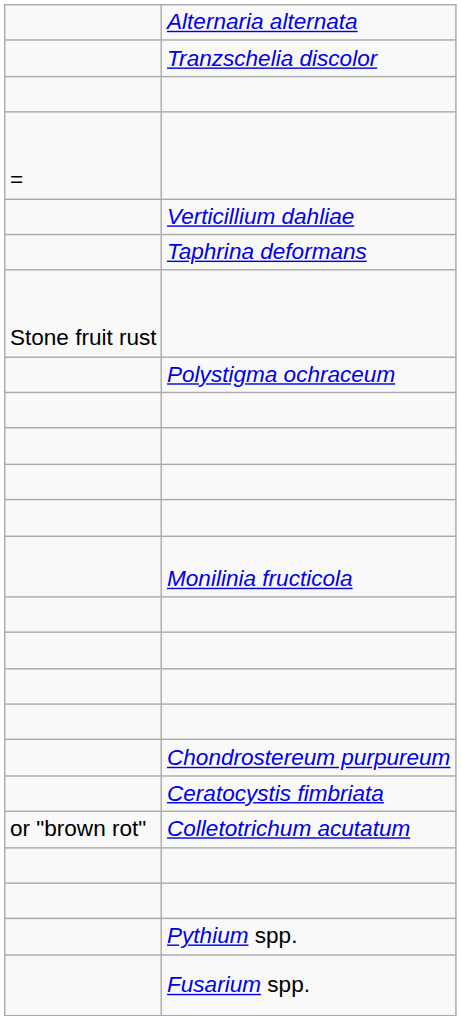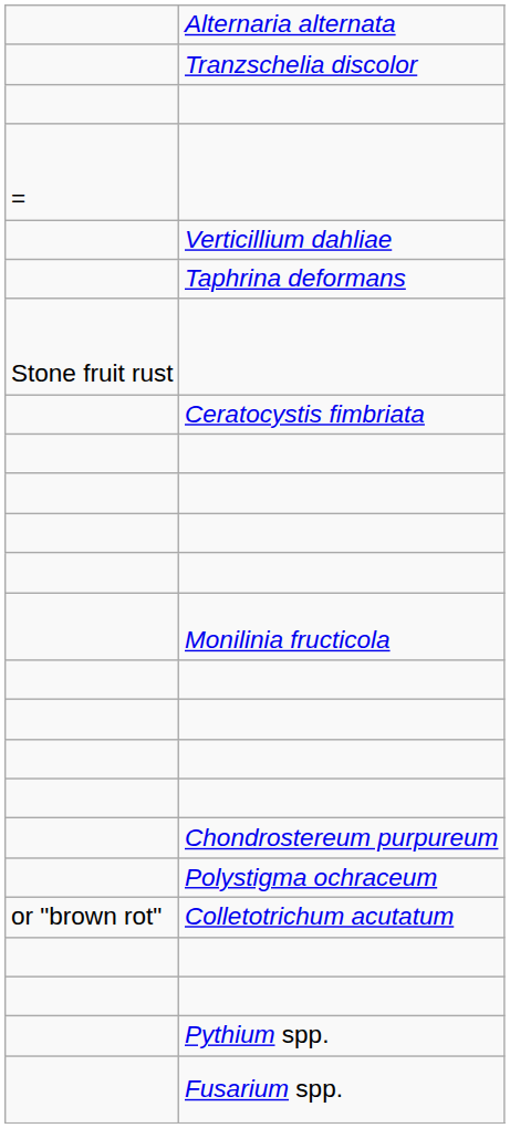 <table class="wikitable" style="clear">
 <tr>
 <td></td>
 <td><em><a href='#'>Alternaria alternata</a></em></td>
 </tr>
 <tr>
 <td></td>
 <td><em><a href='#'>Tranzschelia discolor</a></em></td>
 </tr>
 <tr>
 <td></td>
 <td><br></td>
 </tr>
 <tr>
 <td><br><br>= </td>
 <td><br></td>
 </tr>
 <tr>
 <td></td>
 <td><em><a href='#'>Verticillium dahliae</a></em></td>
 </tr>
 <tr>
 <td></td>
 <td><em><a href='#'>Taphrina deformans</a></em></td>
 </tr>
 <tr>
 <td><br><br> Stone fruit rust</td>
 <td><br></td>
 </tr>
 <tr>
 <td></td>
-<td><em><a href='#'>Polystigma ochraceum</a></em></td>
+<td><em><a href='#'>Ceratocystis fimbriata</a></em></td>
 </tr>
 <tr>
 <td></td>
 <td><br></td>
 </tr>
 <tr>
 <td></td>
 <td><br></td>
 </tr>
 <tr>
 <td></td>
 <td><br></td>
 </tr>
 <tr>
 <td></td>
 <td><br></td>
 </tr>
 <tr>
 <td></td>
 <td><br><em><a href='#'>Monilinia fructicola</a></em></td>
 </tr>
 <tr>
 <td></td>
 <td><br></td>
 </tr>
 <tr>
 <td></td>
 <td><br></td>
 </tr>
 <tr>
 <td></td>
 <td><br></td>
 </tr>
 <tr>
 <td></td>
 <td><br></td>
 </tr>
 <tr>
 <td></td>
 <td><em><a href='#'>Chondrostereum purpureum</a></em></td>
 </tr>
 <tr>
 <td></td>
-<td><em><a href='#'>Ceratocystis fimbriata</a></em></td>
+<td><em><a href='#'>Polystigma ochraceum</a></em></td>
 </tr>
 <tr>
 <td> or "brown rot"</td>
 <td><em><a href='#'>Colletotrichum acutatum</a></em></td>
 </tr>
 <tr>
 <td></td>
 <td><br></td>
 </tr>
 <tr>
 <td></td>
 <td><br></td>
 </tr>
 <tr>
 <td></td>
 <td><em><a href='#'>Pythium</a></em> spp.</td>
 </tr>
 <tr>
 <td><br><br> </td>
 <td><em><a href='#'>Fusarium</a></em> spp.</td>
 </tr>
 <tr>
 </tr>
 </table>
